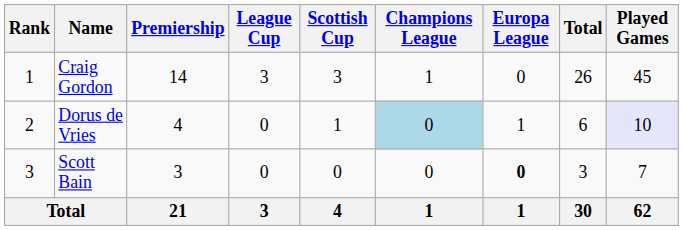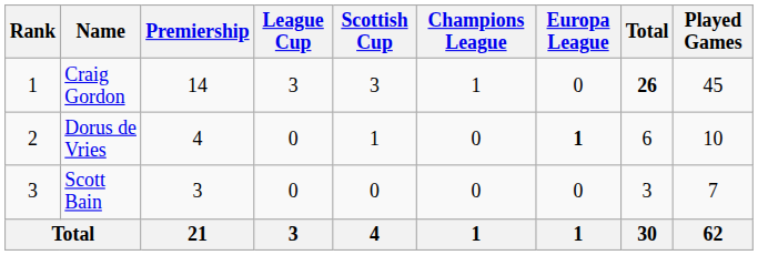 <table class="wikitable" style="text-align: center;">
 <tr>
 <th>Rank</th>
 <th>Name</th>
 <th><a href='#'>Premiership</a></th>
 <th><a href='#'>League Cup</a></th>
 <th><a href='#'>Scottish Cup</a></th>
 <th><a href='#'>Champions League</a></th>
 <th><a href='#'>Europa League</a></th>
 <th>Total</th>
 <th>Played Games</th>
 </tr>
 <tr>
 <td>1</td>
 <td align=left> <a href='#'>Craig Gordon</a></td>
 <td>14</td>
 <td>3</td>
 <td>3</td>
 <td>1</td>
 <td>0</td>
-<td>26</td>
+<td><strong>26</strong></td>
 <td>45</td>
 </tr>
 <tr>
 <td>2</td>
 <td align=left> <a href='#'>Dorus de Vries</a></td>
 <td>4</td>
 <td>0</td>
 <td>1</td>
-<td style="background: lightblue;">0</td>
-<td>1</td>
+<td>0</td>
+<td><strong>1</strong></td>
 <td>6</td>
-<td style="background: lavender;">10</td>
+<td>10</td>
 </tr>
 <tr>
 <td>3</td>
 <td align=left> <a href='#'>Scott Bain</a></td>
 <td>3</td>
 <td>0</td>
 <td>0</td>
 <td>0</td>
-<td><strong>0</strong></td>
+<td>0</td>
 <td>3</td>
 <td>7</td>
 </tr>
 <tr>
 <th colspan=2>Total</th>
 <th>21</th>
 <th>3</th>
 <th>4</th>
 <th>1</th>
 <th>1</th>
 <th>30</th>
 <th>62</th>
 </tr>
 </table>
